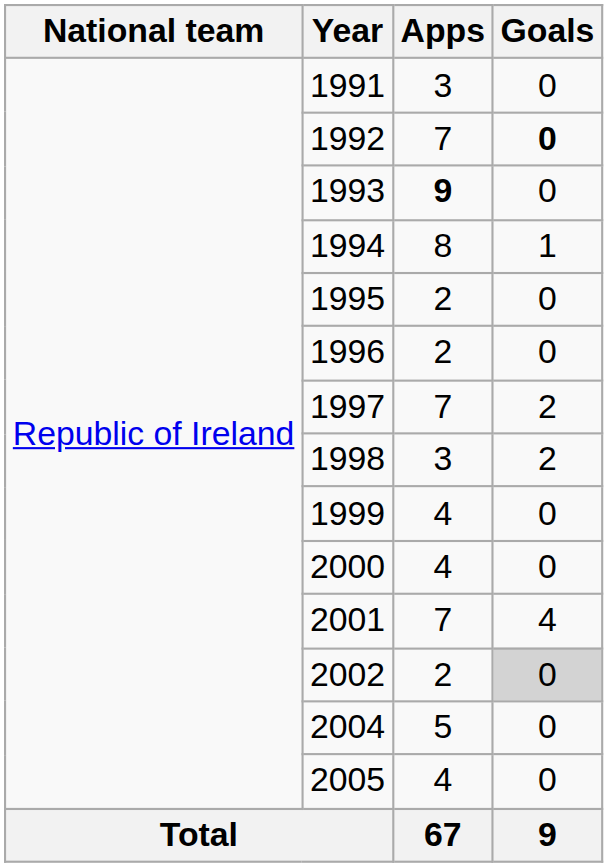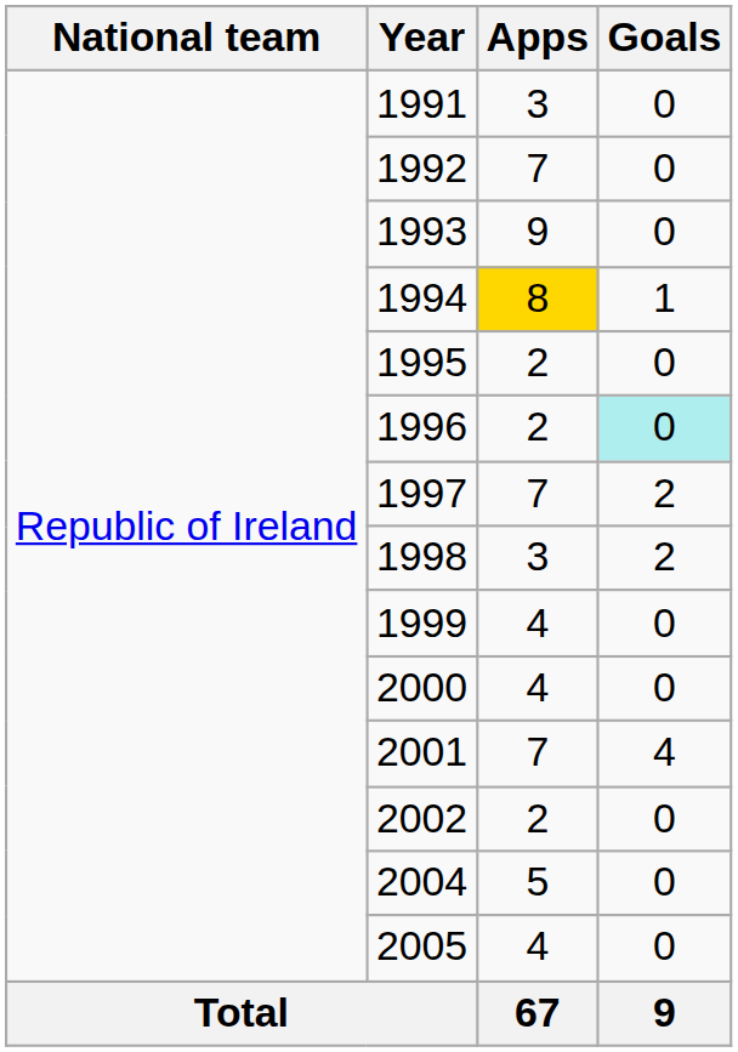 <table class="wikitable" style="text-align:center">
 <tr>
 <th>National team</th>
 <th>Year</th>
 <th>Apps</th>
 <th>Goals</th>
 </tr>
 <tr>
 <td rowspan="14"><a href='#'>Republic of Ireland</a></td>
 <td>1991</td>
 <td>3</td>
 <td>0</td>
 </tr>
 <tr>
 <td>1992</td>
 <td>7</td>
-<td><strong>0</strong></td>
+<td>0</td>
 </tr>
 <tr>
 <td>1993</td>
-<td><strong>9</strong></td>
+<td>9</td>
 <td>0</td>
 </tr>
 <tr>
 <td>1994</td>
-<td>8</td>
+<td style="background: gold;">8</td>
 <td>1</td>
 </tr>
 <tr>
 <td>1995</td>
 <td>2</td>
 <td>0</td>
 </tr>
 <tr>
 <td>1996</td>
 <td>2</td>
-<td>0</td>
+<td style="background: paleturquoise;">0</td>
 </tr>
 <tr>
 <td>1997</td>
 <td>7</td>
 <td>2</td>
 </tr>
 <tr>
 <td>1998</td>
 <td>3</td>
 <td>2</td>
 </tr>
 <tr>
 <td>1999</td>
 <td>4</td>
 <td>0</td>
 </tr>
 <tr>
 <td>2000</td>
 <td>4</td>
 <td>0</td>
 </tr>
 <tr>
 <td>2001</td>
 <td>7</td>
 <td>4</td>
 </tr>
 <tr>
 <td>2002</td>
 <td>2</td>
-<td style="background: lightgrey;">0</td>
+<td>0</td>
 </tr>
 <tr>
 <td>2004</td>
 <td>5</td>
 <td>0</td>
 </tr>
 <tr>
 <td>2005</td>
 <td>4</td>
 <td>0</td>
 </tr>
 <tr>
 <th colspan="2">Total</th>
 <th>67</th>
 <th>9</th>
 </tr>
 </table>
